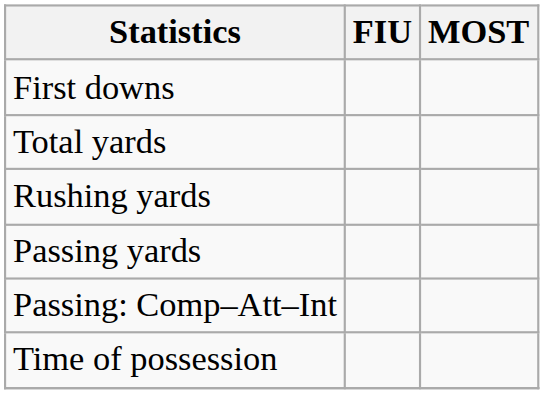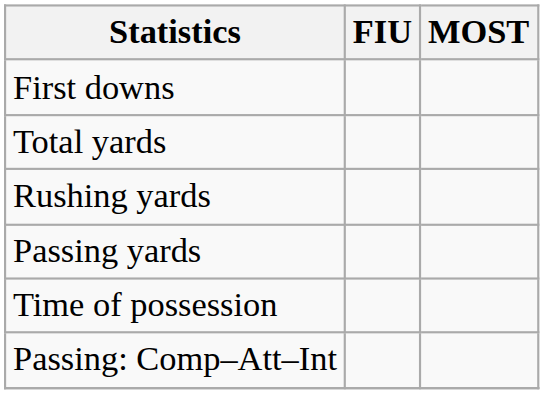 <table class="wikitable" style="float: left;">
 <tr>
 <th>Statistics</th>
 <th>FIU</th>
 <th>MOST</th>
 </tr>
 <tr>
 <td>First downs</td>
 <td></td>
 <td></td>
 </tr>
 <tr>
 <td>Total yards</td>
 <td></td>
 <td></td>
 </tr>
 <tr>
 <td>Rushing yards</td>
 <td></td>
 <td></td>
 </tr>
 <tr>
 <td>Passing yards</td>
 <td></td>
 <td></td>
 </tr>
 <tr>
-<td>Passing: Comp–Att–Int</td>
+<td>Time of possession</td>
 <td></td>
 <td></td>
 </tr>
 <tr>
-<td>Time of possession</td>
+<td>Passing: Comp–Att–Int</td>
 <td></td>
 <td></td>
 </tr>
 <tr>
 </tr>
 </table>
